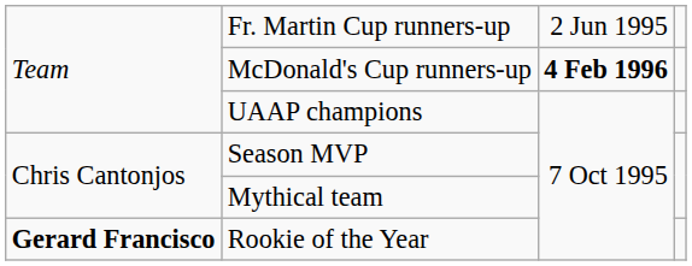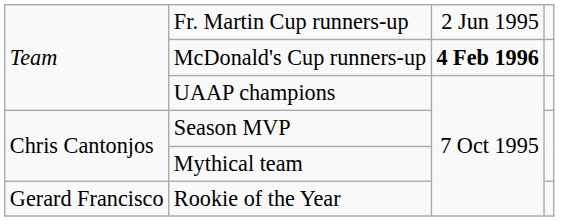 <table class=wikitable>
 <tr>
 <td rowspan=3><em>Team</em></td>
 <td>Fr. Martin Cup runners-up</td>
 <td align=right>2 Jun 1995</td>
 <td align=center></td>
 </tr>
 <tr>
 <td>McDonald's Cup runners-up</td>
 <td align=right><strong>4 Feb 1996</strong></td>
 <td align=center></td>
 </tr>
 <tr>
 <td>UAAP champions</td>
 <td align=right rowspan=4>7 Oct 1995</td>
 <td align=center></td>
 </tr>
 <tr>
 <td rowspan=2>Chris Cantonjos</td>
 <td>Season MVP</td>
 <td align=center rowspan=2></td>
 </tr>
 <tr>
 <td>Mythical team</td>
 </tr>
 <tr>
-<td><strong>Gerard Francisco</strong></td>
+<td>Gerard Francisco</td>
 <td>Rookie of the Year</td>
 <td align=center></td>
 </tr>
 </table>
